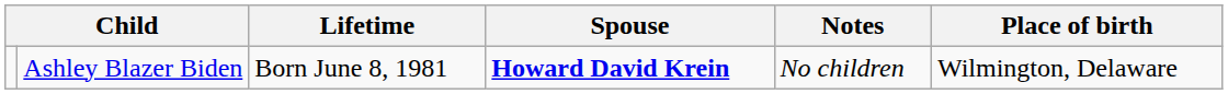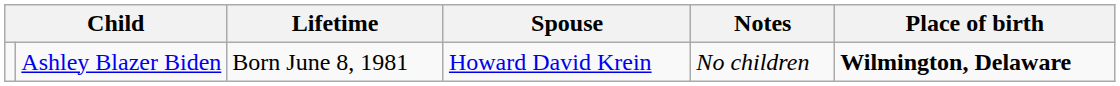 <table class="wikitable">
 <tr>
 <th colspan="2" width=20%>Child</th>
 <th>Lifetime</th>
 <th>Spouse</th>
 <th>Notes</th>
 <th>Place of birth</th>
 </tr>
 <tr>
 <td rowspan="1" style="text-align:center;"></td>
 <td><a href='#'>Ashley Blazer Biden</a></td>
 <td>Born June 8, 1981</td>
-<td><strong><a href='#'>Howard David Krein</a></strong></td>
+<td><a href='#'>Howard David Krein</a></td>
 <td><em>No children</em></td>
-<td>Wilmington, Delaware</td>
+<td><strong>Wilmington, Delaware</strong></td>
 </tr>
 </table>
